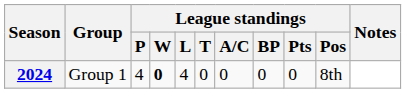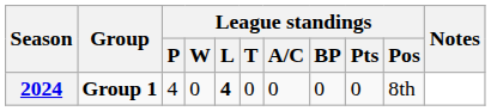 <table class="wikitable sortable">
 <tr>
 <th scope="col" rowspan="2">Season</th>
 <th scope="col" rowspan="2">Group</th>
 <th scope="col" colspan="8">League standings</th>
 <th scope="col" rowspan="2">Notes</th>
 </tr>
 <tr>
 <th scope="col">P</th>
 <th scope="col">W</th>
 <th scope="col">L</th>
 <th scope="col">T</th>
 <th scope="col">A/C</th>
 <th scope="col">BP</th>
 <th scope="col">Pts</th>
 <th scope="col">Pos</th>
 </tr>
 <tr>
 <th scope="row"><a href='#'>2024</a></th>
-<td>Group 1</td>
+<td><strong>Group 1</strong></td>
 <td>4</td>
-<td><strong>0</strong></td>
-<td>4</td>
+<td>0</td>
+<td><strong>4</strong></td>
 <td>0</td>
 <td>0</td>
 <td>0</td>
 <td>0</td>
 <td>8th</td>
 <td style="background: white;"></td>
 </tr>
 </table>
